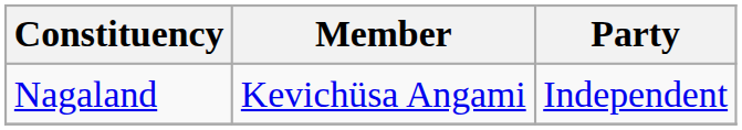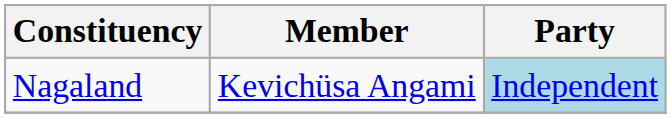 <table class="wikitable sortable">
 <tr>
 <th>Constituency</th>
 <th>Member</th>
 <th>Party</th>
 </tr>
 <tr>
 <td><a href='#'>Nagaland</a></td>
 <td><a href='#'>Kevichüsa Angami</a></td>
-<td><a href='#'>Independent</a></td>
+<td style="background: lightblue;"><a href='#'>Independent</a></td>
 </tr>
 <tr>
 </tr>
 </table>
